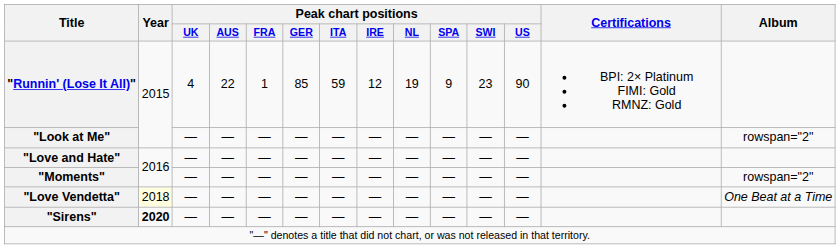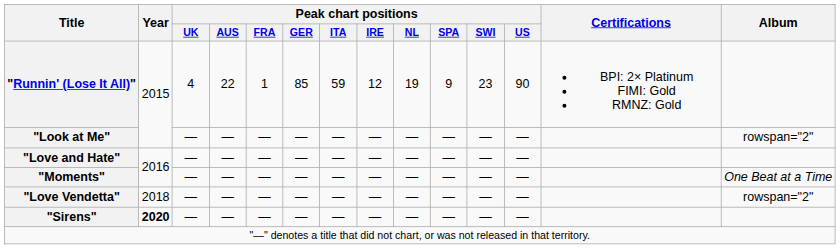 <table class="wikitable plainrowheaders" style="text-align:center;">
 <tr>
 <th scope="col" rowspan="2">Title</th>
 <th scope="col" rowspan="2">Year</th>
 <th scope="col" colspan="10">Peak chart positions</th>
 <th scope="col" rowspan="2" style="width:14em;"><a href='#'>Certifications</a></th>
 <th scope="col" rowspan="2">Album</th>
 </tr>
 <tr>
 <th scope="col" style="width:3em;font-size:85%;"><a href='#'>UK</a><br></th>
 <th scope="col" style="width:3em;font-size:85%;"><a href='#'>AUS</a><br></th>
 <th scope="col" style="width:3em;font-size:85%;"><a href='#'>FRA</a><br></th>
 <th scope="col" style="width:3em;font-size:85%;"><a href='#'>GER</a><br></th>
 <th scope="col" style="width:3em;font-size:85%;"><a href='#'>ITA</a><br></th>
 <th scope="col" style="width:3em;font-size:85%;"><a href='#'>IRE</a><br></th>
 <th scope="col" style="width:3em;font-size:85%;"><a href='#'>NL</a><br></th>
 <th scope="col" style="width:3em;font-size:85%;"><a href='#'>SPA</a><br></th>
 <th scope="col" style="width:3em;font-size:85%;"><a href='#'>SWI</a><br></th>
 <th scope="col" style="width:3em;font-size:85%;"><a href='#'>US</a><br></th>
 </tr>
 <tr>
 <th scope="row">"<a href='#'>Runnin' (Lose It All)</a>"<br></th>
 <td rowspan="2">2015</td>
 <td>4</td>
 <td>22</td>
 <td>1</td>
 <td>85</td>
 <td>59</td>
 <td>12</td>
 <td>19</td>
 <td>9</td>
 <td>23</td>
 <td>90</td>
 <td><br><ul><li>BPI: 2× Platinum</li><li>FIMI: Gold</li><li>RMNZ: Gold</li></ul></td>
 <td></td>
 </tr>
 <tr>
 <th scope="row">"Look at Me"</th>
 <td>—</td>
 <td>—</td>
 <td>—</td>
 <td>—</td>
 <td>—</td>
 <td>—</td>
 <td>—</td>
 <td>—</td>
 <td>—</td>
 <td>—</td>
 <td></td>
 <td>rowspan="2" </td>
 </tr>
 <tr>
 <th scope="row">"Love and Hate"</th>
 <td rowspan="2">2016</td>
 <td>—</td>
 <td>—</td>
 <td>—</td>
 <td>—</td>
 <td>—</td>
 <td>—</td>
 <td>—</td>
 <td>—</td>
 <td>—</td>
 <td>—</td>
 <td></td>
 </tr>
 <tr>
 <th scope="row">"Moments"<br></th>
 <td>—</td>
 <td>—</td>
 <td>—</td>
 <td>—</td>
 <td>—</td>
 <td>—</td>
 <td>—</td>
 <td>—</td>
 <td>—</td>
 <td>—</td>
 <td></td>
-<td>rowspan="2" </td>
+<td><em>One Beat at a Time</em></td>
 </tr>
 <tr>
 <th scope="row">"Love Vendetta"</th>
-<td rowspan="1" style="background: lightyellow;">2018</td>
+<td rowspan="1">2018</td>
 <td>—</td>
 <td>—</td>
 <td>—</td>
 <td>—</td>
 <td>—</td>
 <td>—</td>
 <td>—</td>
 <td>—</td>
 <td>—</td>
 <td>—</td>
 <td></td>
-<td><em>One Beat at a Time</em></td>
+<td>rowspan="2" </td>
 </tr>
 <tr>
 <th scope="row">"Sirens"</th>
 <td rowspan="1"><strong>2020</strong></td>
 <td>—</td>
 <td>—</td>
 <td>—</td>
 <td>—</td>
 <td>—</td>
 <td>—</td>
 <td>—</td>
 <td>—</td>
 <td>—</td>
 <td>—</td>
 <td></td>
 </tr>
 <tr>
 <td colspan="15" style="font-size:85%;">"—" denotes a title that did not chart, or was not released in that territory.</td>
 </tr>
 </table>
